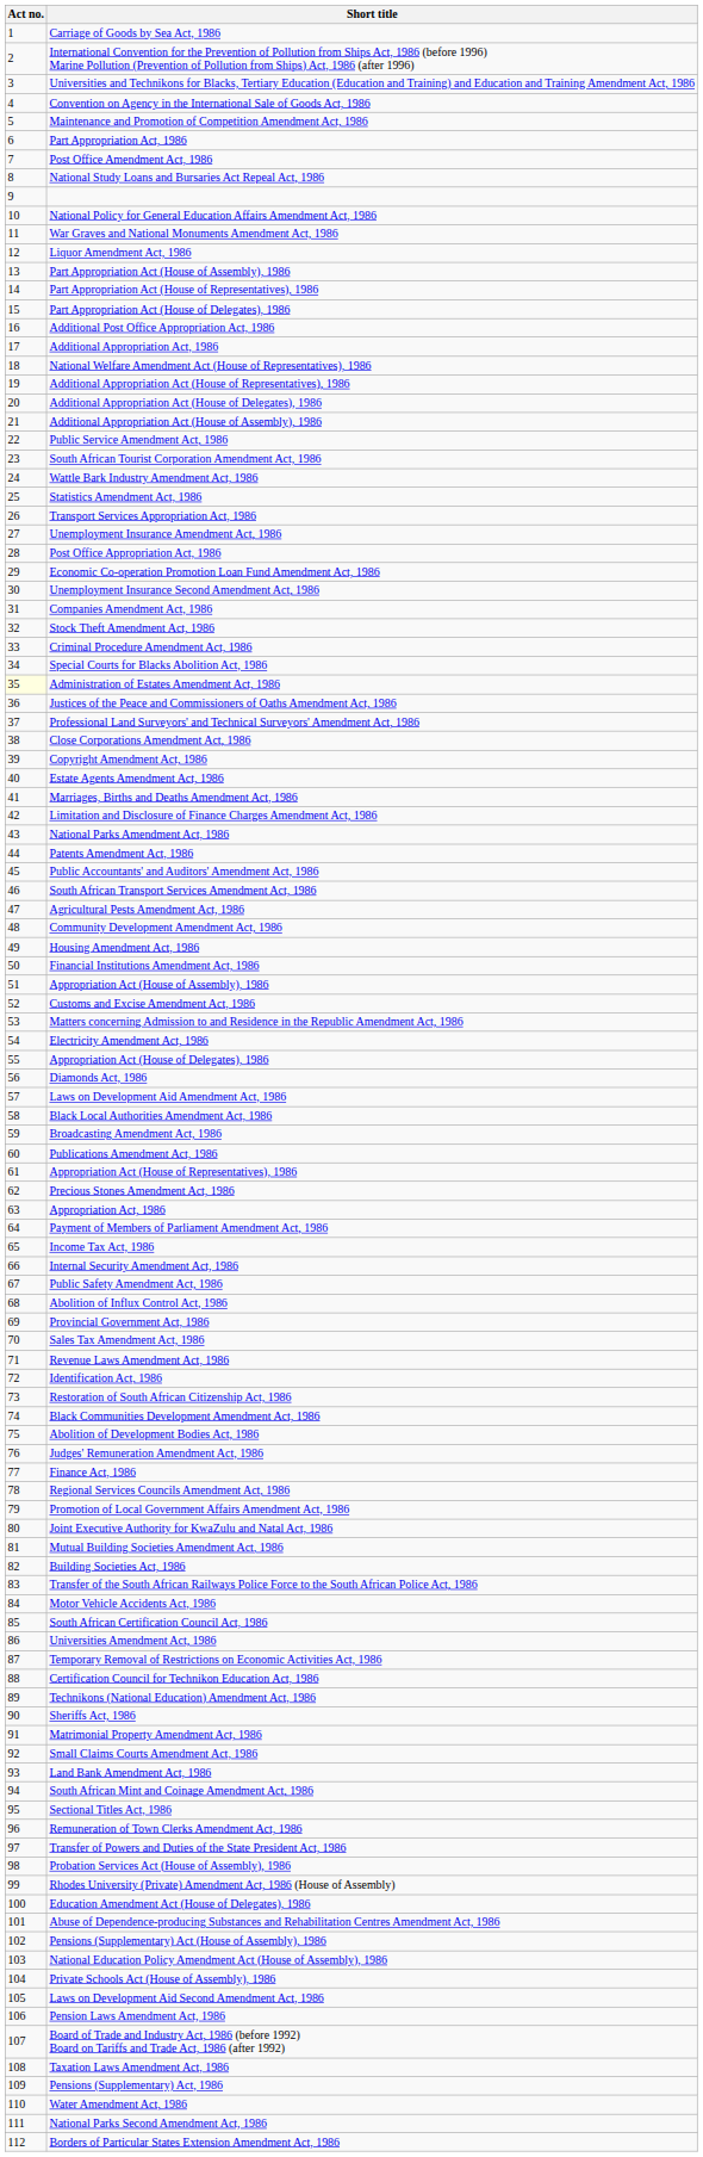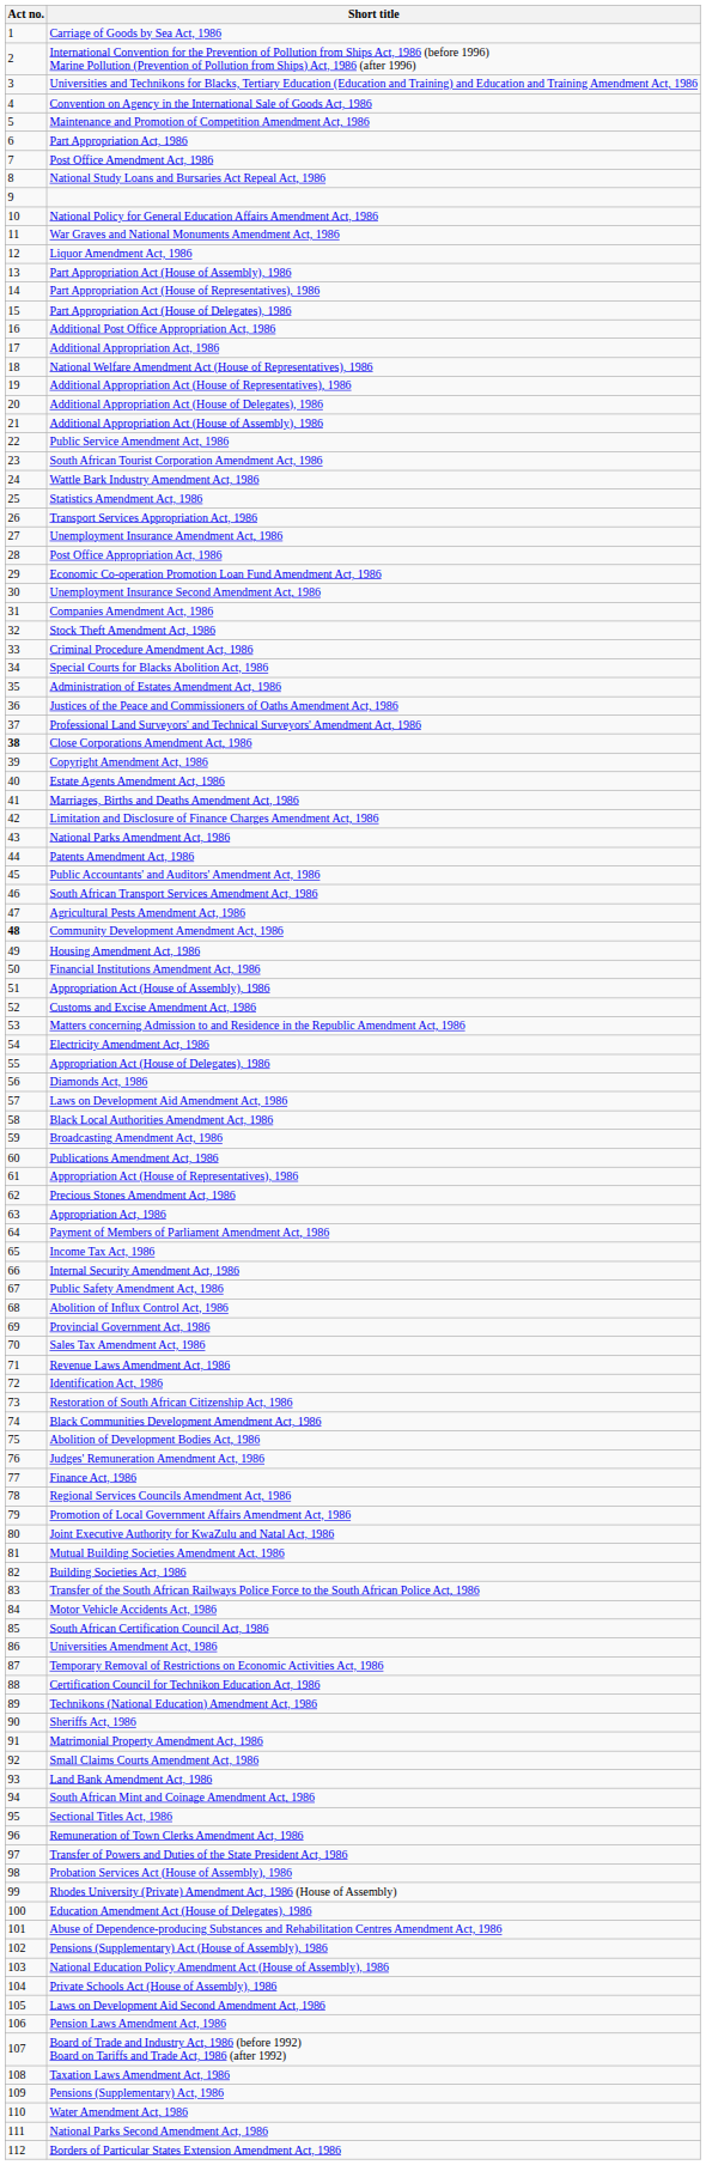 <table class="wikitable sortable">
 <tr>
 <th>Act no.</th>
 <th>Short title</th>
 </tr>
 <tr>
 <td>1</td>
 <td><a href='#'>Carriage of Goods by Sea Act, 1986</a></td>
 </tr>
 <tr>
 <td>2</td>
 <td><a href='#'>International Convention for the Prevention of Pollution from Ships Act, 1986</a> (before 1996) <br><a href='#'>Marine Pollution (Prevention of Pollution from Ships) Act, 1986</a> (after 1996)</td>
 </tr>
 <tr>
 <td>3</td>
 <td><a href='#'>Universities and Technikons for Blacks, Tertiary Education (Education and Training) and Education and Training Amendment Act, 1986</a></td>
 </tr>
 <tr>
 <td>4</td>
 <td><a href='#'>Convention on Agency in the International Sale of Goods Act, 1986</a></td>
 </tr>
 <tr>
 <td>5</td>
 <td><a href='#'>Maintenance and Promotion of Competition Amendment Act, 1986</a></td>
 </tr>
 <tr>
 <td>6</td>
 <td><a href='#'>Part Appropriation Act, 1986</a></td>
 </tr>
 <tr>
 <td>7</td>
 <td><a href='#'>Post Office Amendment Act, 1986</a></td>
 </tr>
 <tr>
 <td>8</td>
 <td><a href='#'>National Study Loans and Bursaries Act Repeal Act, 1986</a></td>
 </tr>
 <tr>
 <td>9</td>
 <td></td>
 </tr>
 <tr>
 <td>10</td>
 <td><a href='#'>National Policy for General Education Affairs Amendment Act, 1986</a></td>
 </tr>
 <tr>
 <td>11</td>
 <td><a href='#'>War Graves and National Monuments Amendment Act, 1986</a></td>
 </tr>
 <tr>
 <td>12</td>
 <td><a href='#'>Liquor Amendment Act, 1986</a></td>
 </tr>
 <tr>
 <td>13</td>
 <td><a href='#'>Part Appropriation Act (House of Assembly), 1986</a></td>
 </tr>
 <tr>
 <td>14</td>
 <td><a href='#'>Part Appropriation Act (House of Representatives), 1986</a></td>
 </tr>
 <tr>
 <td>15</td>
 <td><a href='#'>Part Appropriation Act (House of Delegates), 1986</a></td>
 </tr>
 <tr>
 <td>16</td>
 <td><a href='#'>Additional Post Office Appropriation Act, 1986</a></td>
 </tr>
 <tr>
 <td>17</td>
 <td><a href='#'>Additional Appropriation Act, 1986</a></td>
 </tr>
 <tr>
 <td>18</td>
 <td><a href='#'>National Welfare Amendment Act (House of Representatives), 1986</a></td>
 </tr>
 <tr>
 <td>19</td>
 <td><a href='#'>Additional Appropriation Act (House of Representatives), 1986</a></td>
 </tr>
 <tr>
 <td>20</td>
 <td><a href='#'>Additional Appropriation Act (House of Delegates), 1986</a></td>
 </tr>
 <tr>
 <td>21</td>
 <td><a href='#'>Additional Appropriation Act (House of Assembly), 1986</a></td>
 </tr>
 <tr>
 <td>22</td>
 <td><a href='#'>Public Service Amendment Act, 1986</a></td>
 </tr>
 <tr>
 <td>23</td>
 <td><a href='#'>South African Tourist Corporation Amendment Act, 1986</a></td>
 </tr>
 <tr>
 <td>24</td>
 <td><a href='#'>Wattle Bark Industry Amendment Act, 1986</a></td>
 </tr>
 <tr>
 <td>25</td>
 <td><a href='#'>Statistics Amendment Act, 1986</a></td>
 </tr>
 <tr>
 <td>26</td>
 <td><a href='#'>Transport Services Appropriation Act, 1986</a></td>
 </tr>
 <tr>
 <td>27</td>
 <td><a href='#'>Unemployment Insurance Amendment Act, 1986</a></td>
 </tr>
 <tr>
 <td>28</td>
 <td><a href='#'>Post Office Appropriation Act, 1986</a></td>
 </tr>
 <tr>
 <td>29</td>
 <td><a href='#'>Economic Co-operation Promotion Loan Fund Amendment Act, 1986</a></td>
 </tr>
 <tr>
 <td>30</td>
 <td><a href='#'>Unemployment Insurance Second Amendment Act, 1986</a></td>
 </tr>
 <tr>
 <td>31</td>
 <td><a href='#'>Companies Amendment Act, 1986</a></td>
 </tr>
 <tr>
 <td>32</td>
 <td><a href='#'>Stock Theft Amendment Act, 1986</a></td>
 </tr>
 <tr>
 <td>33</td>
 <td><a href='#'>Criminal Procedure Amendment Act, 1986</a></td>
 </tr>
 <tr>
 <td>34</td>
 <td><a href='#'>Special Courts for Blacks Abolition Act, 1986</a></td>
 </tr>
 <tr>
-<td style="background: lightyellow;">35</td>
+<td>35</td>
 <td><a href='#'>Administration of Estates Amendment Act, 1986</a></td>
 </tr>
 <tr>
 <td>36</td>
 <td><a href='#'>Justices of the Peace and Commissioners of Oaths Amendment Act, 1986</a></td>
 </tr>
 <tr>
 <td>37</td>
 <td><a href='#'>Professional Land Surveyors' and Technical Surveyors' Amendment Act, 1986</a></td>
 </tr>
 <tr>
-<td>38</td>
+<td><strong>38</strong></td>
 <td><a href='#'>Close Corporations Amendment Act, 1986</a></td>
 </tr>
 <tr>
 <td>39</td>
 <td><a href='#'>Copyright Amendment Act, 1986</a></td>
 </tr>
 <tr>
 <td>40</td>
 <td><a href='#'>Estate Agents Amendment Act, 1986</a></td>
 </tr>
 <tr>
 <td>41</td>
 <td><a href='#'>Marriages, Births and Deaths Amendment Act, 1986</a></td>
 </tr>
 <tr>
 <td>42</td>
 <td><a href='#'>Limitation and Disclosure of Finance Charges Amendment Act, 1986</a></td>
 </tr>
 <tr>
 <td>43</td>
 <td><a href='#'>National Parks Amendment Act, 1986</a></td>
 </tr>
 <tr>
 <td>44</td>
 <td><a href='#'>Patents Amendment Act, 1986</a></td>
 </tr>
 <tr>
 <td>45</td>
 <td><a href='#'>Public Accountants' and Auditors' Amendment Act, 1986</a></td>
 </tr>
 <tr>
 <td>46</td>
 <td><a href='#'>South African Transport Services Amendment Act, 1986</a></td>
 </tr>
 <tr>
 <td>47</td>
 <td><a href='#'>Agricultural Pests Amendment Act, 1986</a></td>
 </tr>
 <tr>
-<td>48</td>
+<td><strong>48</strong></td>
 <td><a href='#'>Community Development Amendment Act, 1986</a></td>
 </tr>
 <tr>
 <td>49</td>
 <td><a href='#'>Housing Amendment Act, 1986</a></td>
 </tr>
 <tr>
 <td>50</td>
 <td><a href='#'>Financial Institutions Amendment Act, 1986</a></td>
 </tr>
 <tr>
 <td>51</td>
 <td><a href='#'>Appropriation Act (House of Assembly), 1986</a></td>
 </tr>
 <tr>
 <td>52</td>
 <td><a href='#'>Customs and Excise Amendment Act, 1986</a></td>
 </tr>
 <tr>
 <td>53</td>
 <td><a href='#'>Matters concerning Admission to and Residence in the Republic Amendment Act, 1986</a></td>
 </tr>
 <tr>
 <td>54</td>
 <td><a href='#'>Electricity Amendment Act, 1986</a></td>
 </tr>
 <tr>
 <td>55</td>
 <td><a href='#'>Appropriation Act (House of Delegates), 1986</a></td>
 </tr>
 <tr>
 <td>56</td>
 <td><a href='#'>Diamonds Act, 1986</a></td>
 </tr>
 <tr>
 <td>57</td>
 <td><a href='#'>Laws on Development Aid Amendment Act, 1986</a></td>
 </tr>
 <tr>
 <td>58</td>
 <td><a href='#'>Black Local Authorities Amendment Act, 1986</a></td>
 </tr>
 <tr>
 <td>59</td>
 <td><a href='#'>Broadcasting Amendment Act, 1986</a></td>
 </tr>
 <tr>
 <td>60</td>
 <td><a href='#'>Publications Amendment Act, 1986</a></td>
 </tr>
 <tr>
 <td>61</td>
 <td><a href='#'>Appropriation Act (House of Representatives), 1986</a></td>
 </tr>
 <tr>
 <td>62</td>
 <td><a href='#'>Precious Stones Amendment Act, 1986</a></td>
 </tr>
 <tr>
 <td>63</td>
 <td><a href='#'>Appropriation Act, 1986</a></td>
 </tr>
 <tr>
 <td>64</td>
 <td><a href='#'>Payment of Members of Parliament Amendment Act, 1986</a></td>
 </tr>
 <tr>
 <td>65</td>
 <td><a href='#'>Income Tax Act, 1986</a></td>
 </tr>
 <tr>
 <td>66</td>
 <td><a href='#'>Internal Security Amendment Act, 1986</a></td>
 </tr>
 <tr>
 <td>67</td>
 <td><a href='#'>Public Safety Amendment Act, 1986</a></td>
 </tr>
 <tr>
 <td>68</td>
 <td><a href='#'>Abolition of Influx Control Act, 1986</a></td>
 </tr>
 <tr>
 <td>69</td>
 <td><a href='#'>Provincial Government Act, 1986</a></td>
 </tr>
 <tr>
 <td>70</td>
 <td><a href='#'>Sales Tax Amendment Act, 1986</a></td>
 </tr>
 <tr>
 <td>71</td>
 <td><a href='#'>Revenue Laws Amendment Act, 1986</a></td>
 </tr>
 <tr>
 <td>72</td>
 <td><a href='#'>Identification Act, 1986</a></td>
 </tr>
 <tr>
 <td>73</td>
 <td><a href='#'>Restoration of South African Citizenship Act, 1986</a></td>
 </tr>
 <tr>
 <td>74</td>
 <td><a href='#'>Black Communities Development Amendment Act, 1986</a></td>
 </tr>
 <tr>
 <td>75</td>
 <td><a href='#'>Abolition of Development Bodies Act, 1986</a></td>
 </tr>
 <tr>
 <td>76</td>
 <td><a href='#'>Judges' Remuneration Amendment Act, 1986</a></td>
 </tr>
 <tr>
 <td>77</td>
 <td><a href='#'>Finance Act, 1986</a></td>
 </tr>
 <tr>
 <td>78</td>
 <td><a href='#'>Regional Services Councils Amendment Act, 1986</a></td>
 </tr>
 <tr>
 <td>79</td>
 <td><a href='#'>Promotion of Local Government Affairs Amendment Act, 1986</a></td>
 </tr>
 <tr>
 <td>80</td>
 <td><a href='#'>Joint Executive Authority for KwaZulu and Natal Act, 1986</a></td>
 </tr>
 <tr>
 <td>81</td>
 <td><a href='#'>Mutual Building Societies Amendment Act, 1986</a></td>
 </tr>
 <tr>
 <td>82</td>
 <td><a href='#'>Building Societies Act, 1986</a></td>
 </tr>
 <tr>
 <td>83</td>
 <td><a href='#'>Transfer of the South African Railways Police Force to the South African Police Act, 1986</a></td>
 </tr>
 <tr>
 <td>84</td>
 <td><a href='#'>Motor Vehicle Accidents Act, 1986</a></td>
 </tr>
 <tr>
 <td>85</td>
 <td><a href='#'>South African Certification Council Act, 1986</a></td>
 </tr>
 <tr>
 <td>86</td>
 <td><a href='#'>Universities Amendment Act, 1986</a></td>
 </tr>
 <tr>
 <td>87</td>
 <td><a href='#'>Temporary Removal of Restrictions on Economic Activities Act, 1986</a></td>
 </tr>
 <tr>
 <td>88</td>
 <td><a href='#'>Certification Council for Technikon Education Act, 1986</a></td>
 </tr>
 <tr>
 <td>89</td>
 <td><a href='#'>Technikons (National Education) Amendment Act, 1986</a></td>
 </tr>
 <tr>
 <td>90</td>
 <td><a href='#'>Sheriffs Act, 1986</a></td>
 </tr>
 <tr>
 <td>91</td>
 <td><a href='#'>Matrimonial Property Amendment Act, 1986</a></td>
 </tr>
 <tr>
 <td>92</td>
 <td><a href='#'>Small Claims Courts Amendment Act, 1986</a></td>
 </tr>
 <tr>
 <td>93</td>
 <td><a href='#'>Land Bank Amendment Act, 1986</a></td>
 </tr>
 <tr>
 <td>94</td>
 <td><a href='#'>South African Mint and Coinage Amendment Act, 1986</a></td>
 </tr>
 <tr>
 <td>95</td>
 <td><a href='#'>Sectional Titles Act, 1986</a></td>
 </tr>
 <tr>
 <td>96</td>
 <td><a href='#'>Remuneration of Town Clerks Amendment Act, 1986</a></td>
 </tr>
 <tr>
 <td>97</td>
 <td><a href='#'>Transfer of Powers and Duties of the State President Act, 1986</a></td>
 </tr>
 <tr>
 <td>98</td>
 <td><a href='#'>Probation Services Act (House of Assembly), 1986</a></td>
 </tr>
 <tr>
 <td>99</td>
 <td><a href='#'>Rhodes University (Private) Amendment Act, 1986</a> (House of Assembly)</td>
 </tr>
 <tr>
 <td>100</td>
 <td><a href='#'>Education Amendment Act (House of Delegates), 1986</a></td>
 </tr>
 <tr>
 <td>101</td>
 <td><a href='#'>Abuse of Dependence-producing Substances and Rehabilitation Centres Amendment Act, 1986</a></td>
 </tr>
 <tr>
 <td>102</td>
 <td><a href='#'>Pensions (Supplementary) Act (House of Assembly), 1986</a></td>
 </tr>
 <tr>
 <td>103</td>
 <td><a href='#'>National Education Policy Amendment Act (House of Assembly), 1986</a></td>
 </tr>
 <tr>
 <td>104</td>
 <td><a href='#'>Private Schools Act (House of Assembly), 1986</a></td>
 </tr>
 <tr>
 <td>105</td>
 <td><a href='#'>Laws on Development Aid Second Amendment Act, 1986</a></td>
 </tr>
 <tr>
 <td>106</td>
 <td><a href='#'>Pension Laws Amendment Act, 1986</a></td>
 </tr>
 <tr>
 <td>107</td>
 <td><a href='#'>Board of Trade and Industry Act, 1986</a> (before 1992) <br><a href='#'>Board on Tariffs and Trade Act, 1986</a> (after 1992)</td>
 </tr>
 <tr>
 <td>108</td>
 <td><a href='#'>Taxation Laws Amendment Act, 1986</a></td>
 </tr>
 <tr>
 <td>109</td>
 <td><a href='#'>Pensions (Supplementary) Act, 1986</a></td>
 </tr>
 <tr>
 <td>110</td>
 <td><a href='#'>Water Amendment Act, 1986</a></td>
 </tr>
 <tr>
 <td>111</td>
 <td><a href='#'>National Parks Second Amendment Act, 1986</a></td>
 </tr>
 <tr>
 <td>112</td>
 <td><a href='#'>Borders of Particular States Extension Amendment Act, 1986</a></td>
 </tr>
 </table>
